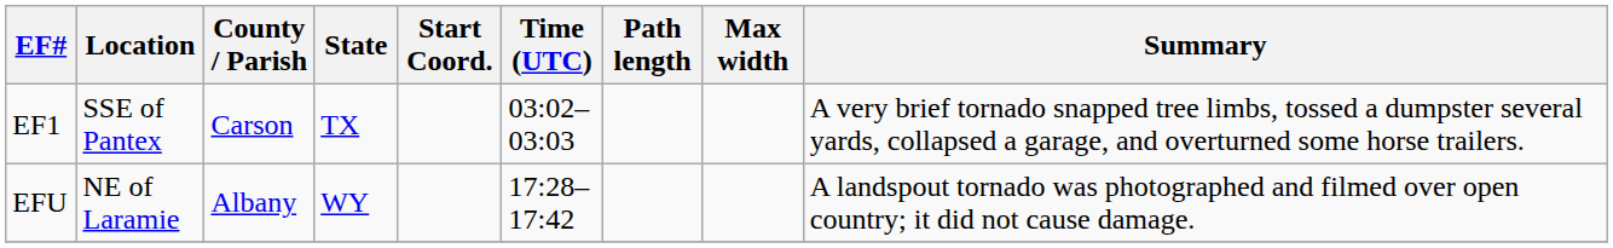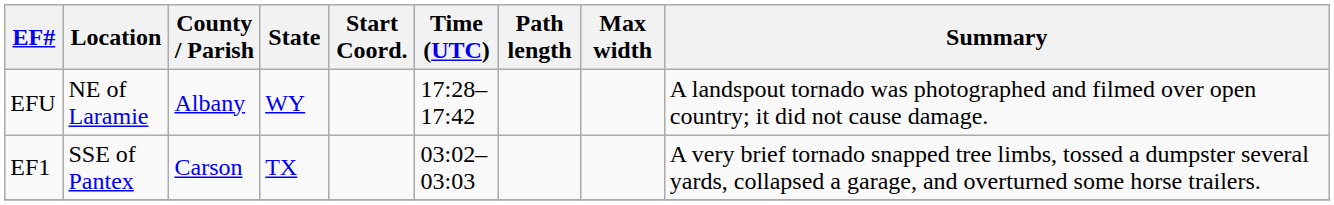 <table class="wikitable sortable" style="width:100%;">
 <tr>
 <th scope="col"  style="width:3%; text-align:center;"><a href='#'>EF#</a></th>
 <th scope="col"  style="width:7%; text-align:center;" class="unsortable">Location</th>
 <th scope="col"  style="width:6%; text-align:center;" class="unsortable">County / Parish</th>
 <th scope="col"  style="width:5%; text-align:center;">State</th>
 <th scope="col"  style="width:6%; text-align:center;">Start Coord.</th>
 <th scope="col"  style="width:6%; text-align:center;">Time (<a href='#'>UTC</a>)</th>
 <th scope="col"  style="width:6%; text-align:center;">Path length</th>
 <th scope="col"  style="width:6%; text-align:center;">Max width</th>
 <th scope="col" class="unsortable" style="width:48%; text-align:center;">Summary</th>
 </tr>
 <tr>
+<td>EFU</td>
+<td>NE of <a href='#'>Laramie</a></td>
+<td><a href='#'>Albany</a></td>
+<td><a href='#'>WY</a></td>
+<td></td>
+<td>17:28–17:42</td>
+<td></td>
+<td></td>
+<td>A landspout tornado was photographed and filmed over open country; it did not cause damage.</td>
+</tr>
+<tr>
 <td>EF1</td>
 <td>SSE of <a href='#'>Pantex</a></td>
 <td><a href='#'>Carson</a></td>
 <td><a href='#'>TX</a></td>
 <td></td>
 <td>03:02–03:03</td>
 <td></td>
 <td></td>
 <td>A very brief tornado snapped tree limbs, tossed a dumpster several yards, collapsed a garage, and overturned some horse trailers.</td>
 </tr>
 <tr>
-<td>EFU</td>
-<td>NE of <a href='#'>Laramie</a></td>
-<td><a href='#'>Albany</a></td>
-<td><a href='#'>WY</a></td>
-<td></td>
-<td>17:28–17:42</td>
-<td></td>
-<td></td>
-<td>A landspout tornado was photographed and filmed over open country; it did not cause damage.</td>
-</tr>
-<tr>
 </tr>
 </table>
